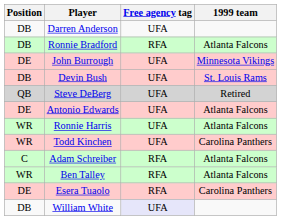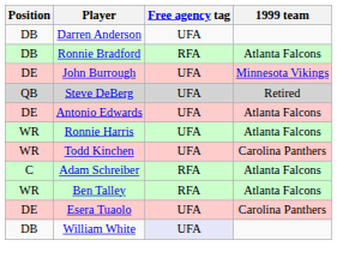 <table class="wikitable" style="text-align:center">
 <tr>
 <th>Position</th>
 <th>Player</th>
 <th><a href='#'><span>Free agency</span></a> tag</th>
 <th>1999 team</th>
 </tr>
 <tr>
 <td>DB</td>
 <td><a href='#'>Darren Anderson</a></td>
 <td>UFA</td>
 <td></td>
 </tr>
 <tr bgcolor=ccffcc>
 <td>DB</td>
 <td><a href='#'>Ronnie Bradford</a></td>
 <td>RFA</td>
 <td>Atlanta Falcons</td>
 </tr>
 <tr bgcolor=ffcccc>
 <td>DE</td>
 <td><a href='#'>John Burrough</a></td>
 <td>UFA</td>
 <td><a href='#'>Minnesota Vikings</a></td>
-</tr>
-<tr bgcolor=ffcccc>
-<td>DB</td>
-<td><a href='#'>Devin Bush</a></td>
-<td>UFA</td>
-<td><a href='#'>St. Louis Rams</a></td>
 </tr>
 <tr bgcolor=D3D3D3>
 <td>QB</td>
 <td><a href='#'>Steve DeBerg</a></td>
 <td>UFA</td>
 <td>Retired</td>
 </tr>
 <tr bgcolor=ffcccc>
 <td>DE</td>
 <td><a href='#'>Antonio Edwards</a></td>
 <td>UFA</td>
 <td>Atlanta Falcons</td>
 </tr>
 <tr bgcolor=ccffcc>
 <td>WR</td>
 <td><a href='#'>Ronnie Harris</a></td>
 <td>UFA</td>
 <td>Atlanta Falcons</td>
 </tr>
 <tr bgcolor=ffcccc>
 <td>WR</td>
 <td><a href='#'>Todd Kinchen</a></td>
 <td>UFA</td>
 <td>Carolina Panthers</td>
 </tr>
 <tr bgcolor=ccffcc>
 <td>C</td>
 <td><a href='#'>Adam Schreiber</a></td>
 <td>RFA</td>
 <td>Atlanta Falcons</td>
 </tr>
 <tr bgcolor=ccffcc>
 <td>WR</td>
 <td><a href='#'>Ben Talley</a></td>
 <td>RFA</td>
 <td>Atlanta Falcons</td>
 </tr>
 <tr bgcolor=ffcccc>
 <td>DE</td>
 <td><a href='#'>Esera Tuaolo</a></td>
-<td>RFA</td>
+<td>UFA</td>
 <td>Carolina Panthers</td>
 </tr>
 <tr>
 <td>DB</td>
 <td><a href='#'>William White</a></td>
 <td style="background: lavender;">UFA</td>
 </tr>
 </table>
